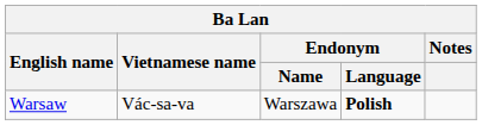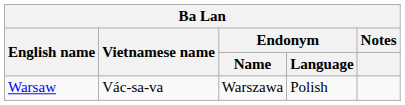 <table class="wikitable sortable">
 <tr>
 <th colspan="5"> Ba Lan</th>
 </tr>
 <tr>
 <th rowspan="2">English name</th>
 <th rowspan="2">Vietnamese name</th>
 <th colspan="2">Endonym</th>
 <th>Notes</th>
 </tr>
 <tr>
 <th>Name</th>
 <th>Language</th>
 <th></th>
 </tr>
 <tr>
 <td><a href='#'>Warsaw</a></td>
 <td>Vác-sa-va</td>
 <td>Warszawa</td>
-<td><strong>Polish</strong></td>
+<td>Polish</td>
 </tr>
 </table>
